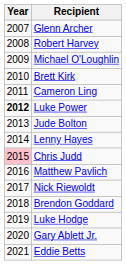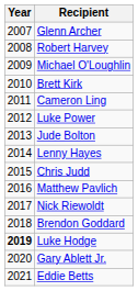 <table class="wikitable">
 <tr>
 <th>Year</th>
 <th>Recipient</th>
 </tr>
 <tr>
 <td>2007</td>
 <td><a href='#'>Glenn Archer</a></td>
 </tr>
 <tr>
 <td>2008</td>
 <td><a href='#'>Robert Harvey</a></td>
 </tr>
 <tr>
 <td>2009</td>
 <td><a href='#'>Michael O'Loughlin</a></td>
 </tr>
 <tr>
 <td>2010</td>
 <td><a href='#'>Brett Kirk</a></td>
 </tr>
 <tr>
 <td>2011</td>
 <td><a href='#'>Cameron Ling</a></td>
 </tr>
 <tr>
-<td><strong>2012</strong></td>
+<td>2012</td>
 <td><a href='#'>Luke Power</a></td>
 </tr>
 <tr>
 <td>2013</td>
 <td><a href='#'>Jude Bolton</a></td>
 </tr>
 <tr>
 <td>2014</td>
 <td><a href='#'>Lenny Hayes</a></td>
 </tr>
 <tr>
-<td style="background: pink;">2015</td>
+<td>2015</td>
 <td><a href='#'>Chris Judd</a></td>
 </tr>
 <tr>
 <td>2016</td>
 <td><a href='#'>Matthew Pavlich</a></td>
 </tr>
 <tr>
 <td>2017</td>
 <td><a href='#'>Nick Riewoldt</a></td>
 </tr>
 <tr>
 <td>2018</td>
 <td><a href='#'>Brendon Goddard</a></td>
 </tr>
 <tr>
-<td>2019</td>
+<td><strong>2019</strong></td>
 <td><a href='#'>Luke Hodge</a></td>
 </tr>
 <tr>
 <td>2020</td>
 <td><a href='#'>Gary Ablett Jr.</a></td>
 </tr>
 <tr>
 <td>2021</td>
 <td><a href='#'>Eddie Betts</a></td>
 </tr>
 </table>
